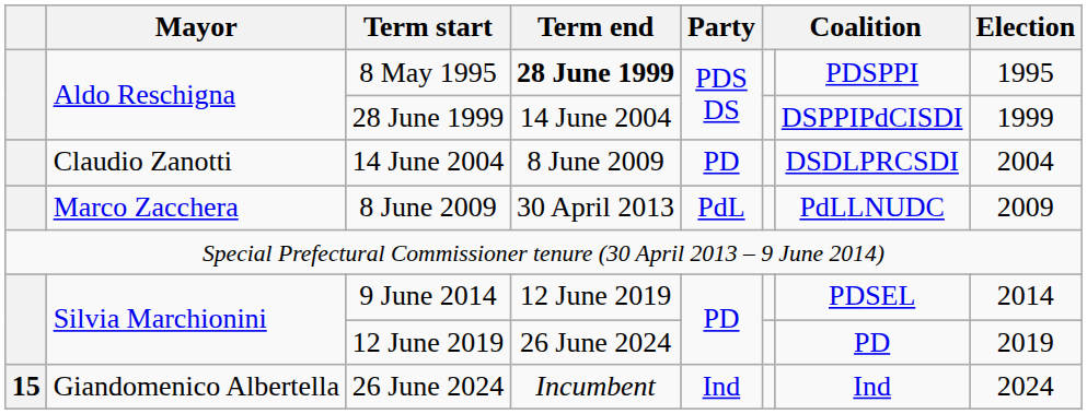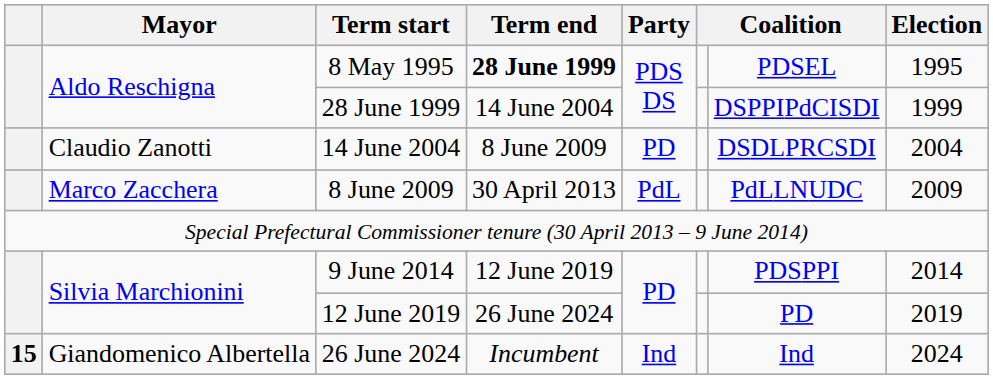 <table class="wikitable">
 <tr>
 <th class=unsortable> </th>
 <th>Mayor</th>
 <th>Term start</th>
 <th>Term end</th>
 <th>Party</th>
 <th colspan="2">Coalition</th>
 <th>Election</th>
 </tr>
 <tr>
 <th rowspan=2 style="background:"></th>
 <td rowspan=2><a href='#'>Aldo Reschigna</a></td>
 <td align=center>8 May 1995</td>
 <td align=center><strong>28 June 1999</strong></td>
 <td align=center rowspan=2><a href='#'>PDS</a><br><a href='#'>DS</a></td>
 <td style="background:"></td>
-<td align=center><a href='#'>PDS</a><a href='#'>PPI</a></td>
+<td align=center><a href='#'>PD</a><a href='#'>SEL</a></td>
 <td align=center>1995</td>
 </tr>
 <tr>
 <td align=center>28 June 1999</td>
 <td align=center>14 June 2004</td>
 <td style="background:"></td>
 <td align=center><a href='#'>DS</a><a href='#'>PPI</a><a href='#'>PdCI</a><a href='#'>SDI</a></td>
 <td align=center>1999</td>
 </tr>
 <tr>
 <th style="background:"></th>
 <td>Claudio Zanotti</td>
 <td align=center>14 June 2004</td>
 <td align=center>8 June 2009</td>
 <td align=center><a href='#'>PD</a></td>
 <td style="background:"></td>
 <td align=center><a href='#'>DS</a><a href='#'>DL</a><a href='#'>PRC</a><a href='#'>SDI</a></td>
 <td align=center>2004</td>
 </tr>
 <tr>
 <th style="background:"></th>
 <td><a href='#'>Marco Zacchera</a></td>
 <td align=center>8 June 2009</td>
 <td align=center>30 April 2013</td>
 <td align=center><a href='#'>PdL</a></td>
 <td style="background:"></td>
 <td align=center><a href='#'>PdL</a><a href='#'>LN</a><a href='#'>UDC</a></td>
 <td align=center>2009</td>
 </tr>
 <tr>
 <td colspan=8 align=center><small><em>Special Prefectural Commissioner tenure (30 April 2013 – 9 June 2014)</em></small></td>
 </tr>
 <tr>
 <th rowspan=2 style="background:"></th>
 <td rowspan=2><a href='#'>Silvia Marchionini</a></td>
 <td align=center>9 June 2014</td>
 <td align=center>12 June 2019</td>
 <td align=center rowspan=2><a href='#'>PD</a></td>
 <td style="background:"></td>
-<td align=center><a href='#'>PD</a><a href='#'>SEL</a></td>
+<td align=center><a href='#'>PDS</a><a href='#'>PPI</a></td>
 <td align=center>2014</td>
 </tr>
 <tr>
 <td align=center>12 June 2019</td>
 <td align=center>26 June 2024</td>
 <td style="background:"></td>
 <td align=center><a href='#'>PD</a></td>
 <td align=center>2019</td>
 </tr>
 <tr>
 <th style="background:"><strong>15</strong></th>
 <td>Giandomenico Albertella</td>
 <td align=center>26 June 2024</td>
 <td align=center><em>Incumbent</em></td>
 <td align=center><a href='#'>Ind</a></td>
 <td style="background:"></td>
 <td align=center><a href='#'>Ind</a></td>
 <td align=center>2024</td>
 </tr>
 </table>
